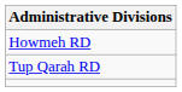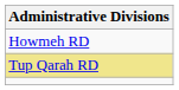 <table class="wikitable">
 <tr>
 <th>Administrative Divisions</th>
 </tr>
 <tr>
 <td><a href='#'>Howmeh RD</a></td>
 </tr>
 <tr>
-<td><a href='#'>Tup Qarah RD</a></td>
+<td style="background: khaki;"><a href='#'>Tup Qarah RD</a></td>
 </tr>
 <tr>
 <td colspan=1></td>
 </tr>
 </table>
